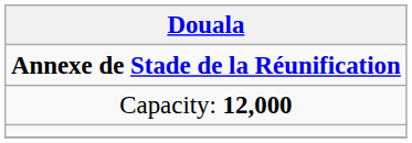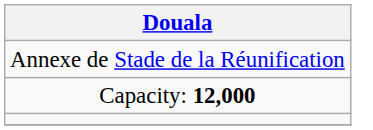 <table class="wikitable" style="text-align:center">
 <tr>
 <th><a href='#'>Douala</a></th>
 </tr>
 <tr>
-<td><strong>Annexe de <a href='#'>Stade de la Réunification</a></strong></td>
+<td>Annexe de <a href='#'>Stade de la Réunification</a></td>
 </tr>
 <tr>
 <td>Capacity: <strong>12,000</strong></td>
 </tr>
 <tr>
 <td></td>
 </tr>
 <tr>
 </tr>
 </table>
